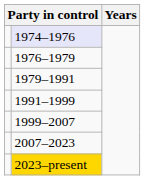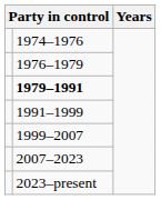 <table class="wikitable">
 <tr>
 <th colspan=2>Party in control</th>
 <th>Years</th>
 </tr>
 <tr>
 <td></td>
-<td style="background: lavender;">1974–1976</td>
+<td>1974–1976</td>
 </tr>
 <tr>
 <td></td>
 <td>1976–1979</td>
 </tr>
 <tr>
 <td></td>
-<td>1979–1991</td>
+<td><strong>1979–1991</strong></td>
 </tr>
 <tr>
 <td></td>
 <td>1991–1999</td>
 </tr>
 <tr>
 <td></td>
 <td>1999–2007</td>
 </tr>
 <tr>
 <td></td>
 <td>2007–2023</td>
 </tr>
 <tr>
 <td></td>
-<td style="background: gold;">2023–present</td>
+<td>2023–present</td>
 </tr>
 </table>
